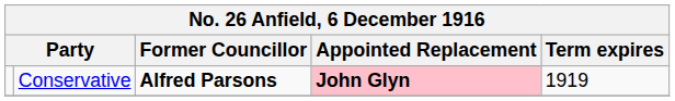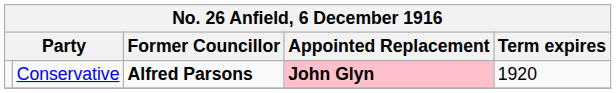 <table class="wikitable">
 <tr>
 <th colspan="5"><strong>No. 26 Anfield, 6 December 1916</strong></th>
 </tr>
 <tr>
 <th colspan="2">Party</th>
 <th>Former Councillor</th>
 <th>Appointed Replacement</th>
 <th>Term expires</th>
 </tr>
 <tr>
 <td style="background-color:"></td>
 <td><a href='#'>Conservative</a></td>
 <td><strong>Alfred Parsons</strong></td>
 <td style="background: pink;"><strong>John Glyn</strong></td>
-<td>1919</td>
+<td>1920</td>
 </tr>
 <tr>
 </tr>
 </table>
